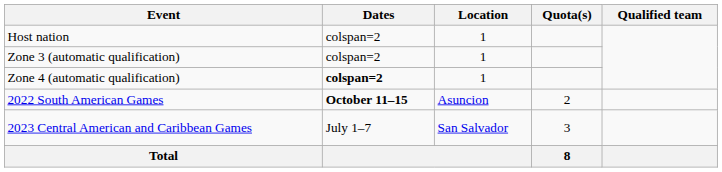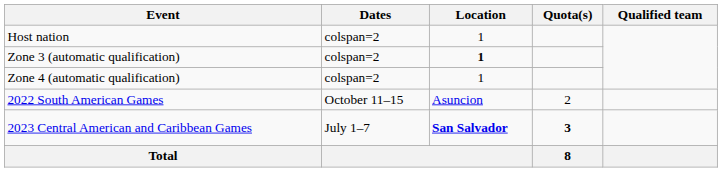 <table class="wikitable" width=860>
 <tr>
 <th>Event</th>
 <th>Dates</th>
 <th>Location</th>
 <th>Quota(s)</th>
 <th>Qualified team</th>
 </tr>
 <tr>
 <td>Host nation</td>
 <td>colspan=2 </td>
 <td align=center>1</td>
 <td></td>
 </tr>
 <tr>
 <td>Zone 3 (automatic qualification)</td>
 <td>colspan=2 </td>
-<td align=center>1</td>
+<td align=center><strong>1</strong></td>
 <td></td>
 </tr>
 <tr>
 <td>Zone 4 (automatic qualification)</td>
-<td><strong>colspan=2 </strong></td>
+<td>colspan=2 </td>
 <td align=center>1</td>
 <td></td>
 </tr>
 <tr>
 <td><a href='#'>2022 South American Games</a></td>
-<td><strong>October 11–15</strong></td>
+<td>October 11–15</td>
 <td> <a href='#'>Asuncion</a></td>
 <td align=center>2</td>
 <td><br></td>
 </tr>
 <tr>
 <td><a href='#'>2023 Central American and Caribbean Games</a></td>
 <td>July 1–7</td>
-<td> <a href='#'>San Salvador</a></td>
-<td align=center>3</td>
+<td><strong> <a href='#'>San Salvador</a></strong></td>
+<td align=center><strong>3</strong></td>
 <td><br><br></td>
 </tr>
 <tr>
 <th>Total</th>
 <th colspan="2"></th>
 <th>8</th>
 <th></th>
 </tr>
 </table>
